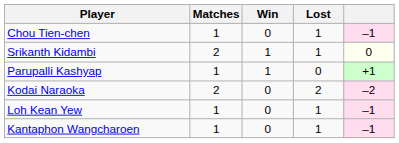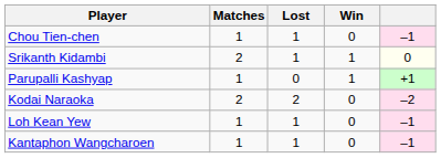 <table class=wikitable style="text-align:center; font-size:small">
 <tr>
 <th width="200">Player</th>
 <th width="50">Matches</th>
+<th width="50">Lost</th>
 <th width="50">Win</th>
-<th width="50">Lost</th>
 <th width="50"></th>
 </tr>
 <tr>
 <td align="left"> <a href='#'>Chou Tien-chen</a></td>
 <td>1</td>
+<td>1</td>
 <td>0</td>
-<td>1</td>
 <td bgcolor="#ffddee">–1</td>
 </tr>
 <tr>
 <td align="left"> <a href='#'>Srikanth Kidambi</a></td>
 <td>2</td>
 <td>1</td>
 <td>1</td>
 <td bgcolor="#fffff0">0</td>
 </tr>
 <tr>
 <td align="left"> <a href='#'>Parupalli Kashyap</a></td>
 <td>1</td>
+<td>0</td>
 <td>1</td>
-<td>0</td>
 <td bgcolor="#ccffcc">+1</td>
 </tr>
 <tr>
 <td align="left"> <a href='#'>Kodai Naraoka</a></td>
 <td>2</td>
+<td>2</td>
 <td>0</td>
-<td>2</td>
 <td bgcolor="#ffddee">–2</td>
 </tr>
 <tr>
 <td align="left"> <a href='#'>Loh Kean Yew</a></td>
 <td>1</td>
+<td>1</td>
 <td>0</td>
-<td>1</td>
 <td bgcolor="#ffddee">–1</td>
 </tr>
 <tr>
 <td align="left"> <a href='#'>Kantaphon Wangcharoen</a></td>
 <td>1</td>
+<td>1</td>
 <td>0</td>
-<td>1</td>
 <td bgcolor="#ffddee">–1</td>
 </tr>
 </table>
